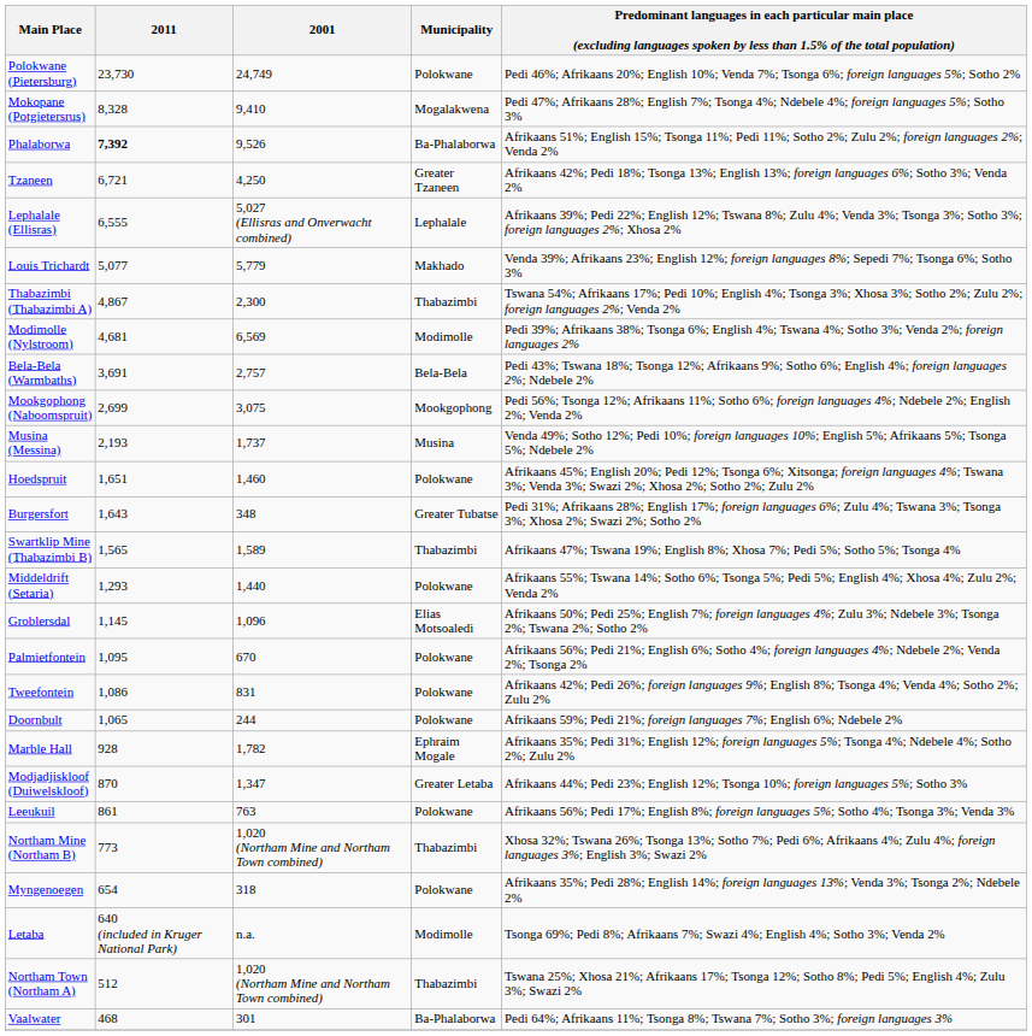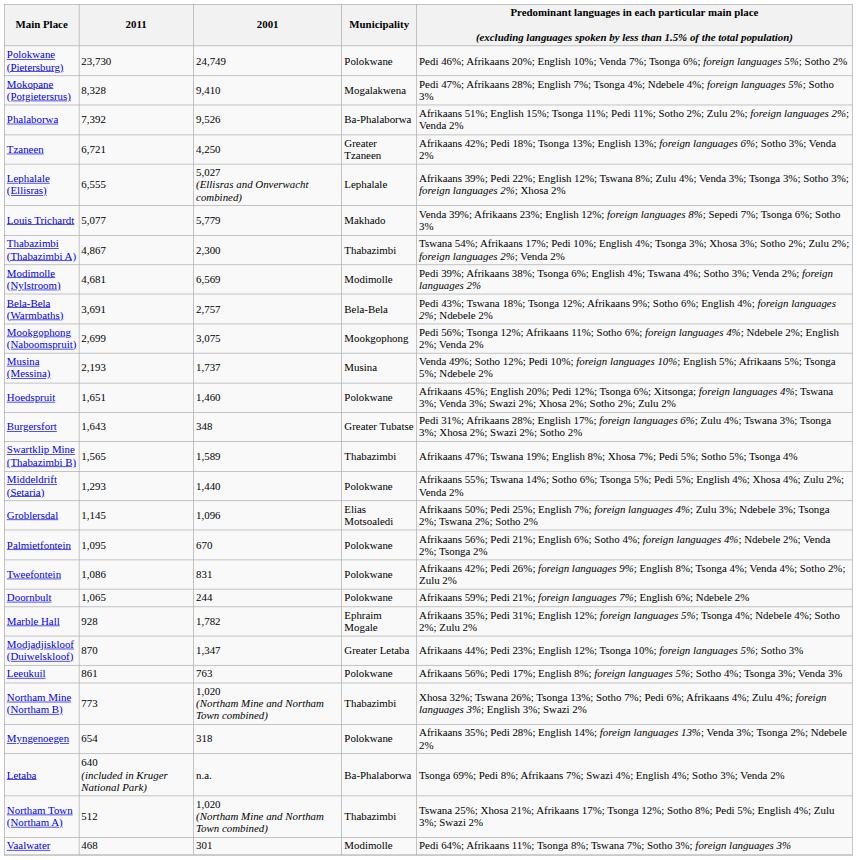 <table class="wikitable sortable">
 <tr>
 <th scope="col">Main Place</th>
 <th scope="col">2011</th>
 <th scope="col">2001</th>
 <th scope="col">Municipality</th>
 <th scope="col">Predominant languages in each particular main place<br><br><em>(excluding languages spoken by less than 1.5% of the total population)</em></th>
 </tr>
 <tr>
 <td><a href='#'>Polokwane <br> (Pietersburg)</a></td>
 <td>23,730</td>
 <td>24,749</td>
 <td>Polokwane</td>
 <td>Pedi 46%; Afrikaans 20%; English 10%; Venda 7%; Tsonga 6%; <em>foreign languages 5%</em>; Sotho 2%</td>
 </tr>
 <tr>
 <td><a href='#'>Mokopane <br> (Potgietersrus)</a></td>
 <td>8,328</td>
 <td>9,410</td>
 <td>Mogalakwena</td>
 <td>Pedi 47%; Afrikaans 28%; English 7%; Tsonga 4%; Ndebele 4%; <em>foreign languages 5%</em>; Sotho 3%</td>
 </tr>
 <tr>
 <td><a href='#'>Phalaborwa</a></td>
-<td><strong>7,392</strong></td>
+<td>7,392</td>
 <td>9,526</td>
 <td>Ba-Phalaborwa</td>
 <td>Afrikaans 51%; English 15%; Tsonga 11%; Pedi 11%; Sotho 2%; Zulu 2%; <em>foreign languages 2%</em>; Venda 2%</td>
 </tr>
 <tr>
 <td><a href='#'>Tzaneen</a></td>
 <td>6,721</td>
 <td>4,250</td>
 <td>Greater Tzaneen</td>
 <td>Afrikaans 42%; Pedi 18%; Tsonga 13%; English 13%; <em>foreign languages 6%</em>; Sotho 3%; Venda 2%</td>
 </tr>
 <tr>
 <td><a href='#'>Lephalale <br> (Ellisras)</a></td>
 <td>6,555</td>
 <td>5,027 <br><em>(Ellisras and Onverwacht combined)</em></td>
 <td>Lephalale</td>
 <td>Afrikaans 39%; Pedi 22%; English 12%; Tswana 8%; Zulu 4%; Venda 3%; Tsonga 3%; Sotho 3%; <em>foreign languages 2%</em>; Xhosa 2%</td>
 </tr>
 <tr>
 <td><a href='#'>Louis Trichardt</a></td>
 <td>5,077</td>
 <td>5,779</td>
 <td>Makhado</td>
 <td>Venda 39%; Afrikaans 23%; English 12%; <em>foreign languages 8%</em>; Sepedi 7%; Tsonga 6%; Sotho 3%</td>
 </tr>
 <tr>
 <td><a href='#'>Thabazimbi <br>(Thabazimbi A)</a></td>
 <td>4,867</td>
 <td>2,300</td>
 <td>Thabazimbi</td>
 <td>Tswana 54%; Afrikaans 17%; Pedi 10%; English 4%; Tsonga 3%; Xhosa 3%; Sotho 2%; Zulu 2%; <em>foreign languages 2%</em>; Venda 2%</td>
 </tr>
 <tr>
 <td><a href='#'>Modimolle <br> (Nylstroom)</a></td>
 <td>4,681</td>
 <td>6,569</td>
 <td>Modimolle</td>
 <td>Pedi 39%; Afrikaans 38%; Tsonga 6%; English 4%; Tswana 4%; Sotho 3%; Venda 2%; <em>foreign languages 2%</em></td>
 </tr>
 <tr>
 <td><a href='#'>Bela-Bela <br> (Warmbaths)</a></td>
 <td>3,691</td>
 <td>2,757</td>
 <td>Bela-Bela</td>
 <td>Pedi 43%; Tswana 18%; Tsonga 12%; Afrikaans 9%; Sotho 6%; English 4%; <em>foreign languages 2%</em>; Ndebele 2%</td>
 </tr>
 <tr>
 <td><a href='#'>Mookgophong <br> (Naboomspruit)</a></td>
 <td>2,699</td>
 <td>3,075</td>
 <td>Mookgophong</td>
 <td>Pedi 56%; Tsonga 12%; Afrikaans 11%; Sotho 6%; <em>foreign languages 4%</em>; Ndebele 2%; English 2%; Venda 2%</td>
 </tr>
 <tr>
 <td><a href='#'>Musina <br> (Messina)</a></td>
 <td>2,193</td>
 <td>1,737</td>
 <td>Musina</td>
 <td>Venda 49%; Sotho 12%; Pedi 10%; <em>foreign languages 10%</em>; English 5%; Afrikaans 5%; Tsonga 5%; Ndebele 2%</td>
 </tr>
 <tr>
 <td><a href='#'>Hoedspruit</a></td>
 <td>1,651</td>
 <td>1,460</td>
 <td>Polokwane</td>
 <td>Afrikaans 45%; English 20%; Pedi 12%; Tsonga 6%; Xitsonga; <em>foreign languages 4%</em>; Tswana 3%; Venda 3%; Swazi 2%; Xhosa 2%; Sotho 2%; Zulu 2%</td>
 </tr>
 <tr>
 <td><a href='#'>Burgersfort</a></td>
 <td>1,643</td>
 <td>348</td>
 <td>Greater Tubatse</td>
 <td>Pedi 31%; Afrikaans 28%; English 17%; <em>foreign languages 6%</em>; Zulu 4%; Tswana 3%; Tsonga 3%; Xhosa 2%; Swazi 2%; Sotho 2%</td>
 </tr>
 <tr>
 <td><a href='#'>Swartklip Mine <br> (Thabazimbi B)</a></td>
 <td>1,565</td>
 <td>1,589</td>
 <td>Thabazimbi</td>
 <td>Afrikaans 47%; Tswana 19%; English 8%; Xhosa 7%; Pedi 5%; Sotho 5%; Tsonga 4%</td>
 </tr>
 <tr>
 <td><a href='#'>Middeldrift <br> (Setaria)</a></td>
 <td>1,293</td>
 <td>1,440</td>
 <td>Polokwane</td>
 <td>Afrikaans 55%; Tswana 14%; Sotho 6%; Tsonga 5%; Pedi 5%; English 4%; Xhosa 4%; Zulu 2%; Venda 2%</td>
 </tr>
 <tr>
 <td><a href='#'>Groblersdal</a></td>
 <td>1,145</td>
 <td>1,096</td>
 <td>Elias Motsoaledi</td>
 <td>Afrikaans 50%; Pedi 25%; English 7%; <em>foreign languages 4%</em>; Zulu 3%; Ndebele 3%; Tsonga 2%; Tswana 2%; Sotho 2%</td>
 </tr>
 <tr>
 <td><a href='#'>Palmietfontein</a></td>
 <td>1,095</td>
 <td>670</td>
 <td>Polokwane</td>
 <td>Afrikaans 56%; Pedi 21%; English 6%; Sotho 4%; <em>foreign languages 4%</em>; Ndebele 2%; Venda 2%; Tsonga 2%</td>
 </tr>
 <tr>
 <td><a href='#'>Tweefontein</a></td>
 <td>1,086</td>
 <td>831</td>
 <td>Polokwane</td>
 <td>Afrikaans 42%; Pedi 26%; <em>foreign languages 9%</em>; English 8%; Tsonga 4%; Venda 4%; Sotho 2%; Zulu 2%</td>
 </tr>
 <tr>
 <td><a href='#'>Doornbult</a></td>
 <td>1,065</td>
 <td>244</td>
 <td>Polokwane</td>
 <td>Afrikaans 59%; Pedi 21%; <em>foreign languages 7%</em>; English 6%; Ndebele 2%</td>
 </tr>
 <tr>
 <td><a href='#'>Marble Hall</a></td>
 <td>928</td>
 <td>1,782</td>
 <td>Ephraim Mogale</td>
 <td>Afrikaans 35%; Pedi 31%; English 12%; <em>foreign languages 5%</em>; Tsonga 4%; Ndebele 4%; Sotho 2%; Zulu 2%</td>
 </tr>
 <tr>
 <td><a href='#'>Modjadjiskloof <br> (Duiwelskloof)</a></td>
 <td>870</td>
 <td>1,347</td>
 <td>Greater Letaba</td>
 <td>Afrikaans 44%; Pedi 23%; English 12%; Tsonga 10%; <em>foreign languages 5%</em>; Sotho 3%</td>
 </tr>
 <tr>
 <td><a href='#'>Leeukuil</a></td>
 <td>861</td>
 <td>763</td>
 <td>Polokwane</td>
 <td>Afrikaans 56%; Pedi 17%; English 8%; <em>foreign languages 5%</em>; Sotho 4%; Tsonga 3%; Venda 3%</td>
 </tr>
 <tr>
 <td><a href='#'>Northam Mine <br> (Northam B)</a></td>
 <td>773</td>
 <td>1,020 <br><em>(Northam Mine and Northam Town combined)</em></td>
 <td>Thabazimbi</td>
 <td>Xhosa 32%; Tswana 26%; Tsonga 13%; Sotho 7%; Pedi 6%; Afrikaans 4%; Zulu 4%; <em>foreign languages 3%</em>; English 3%; Swazi 2%</td>
 </tr>
 <tr>
 <td><a href='#'>Myngenoegen</a></td>
 <td>654</td>
 <td>318</td>
 <td>Polokwane</td>
 <td>Afrikaans 35%; Pedi 28%; English 14%; <em>foreign languages 13%</em>; Venda 3%; Tsonga 2%; Ndebele 2%</td>
 </tr>
 <tr>
 <td><a href='#'>Letaba</a></td>
 <td>640 <br><em>(included in Kruger National Park)</em></td>
 <td>n.a.</td>
-<td>Modimolle</td>
+<td>Ba-Phalaborwa</td>
 <td>Tsonga 69%; Pedi 8%; Afrikaans 7%; Swazi 4%; English 4%; Sotho 3%; Venda 2%</td>
 </tr>
 <tr>
 <td><a href='#'>Northam Town <br> (Northam A)</a></td>
 <td>512</td>
 <td>1,020 <br><em>(Northam Mine and Northam Town combined)</em></td>
 <td>Thabazimbi</td>
 <td>Tswana 25%; Xhosa 21%; Afrikaans 17%; Tsonga 12%; Sotho 8%; Pedi 5%; English 4%; Zulu 3%; Swazi 2%</td>
 </tr>
 <tr>
 <td><a href='#'>Vaalwater</a></td>
 <td>468</td>
 <td>301</td>
-<td>Ba-Phalaborwa</td>
+<td>Modimolle</td>
 <td>Pedi 64%; Afrikaans 11%; Tsonga 8%; Tswana 7%; Sotho 3%; <em>foreign languages 3%</em></td>
 </tr>
 <tr>
 </tr>
 </table>
